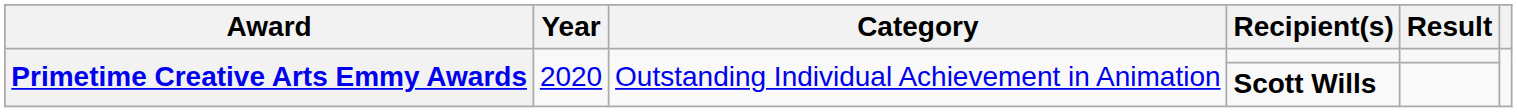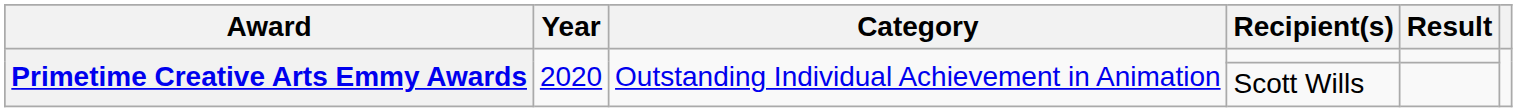 <table class="wikitable sortable plainrowheaders col6center">
 <tr>
 <th scope="col">Award</th>
 <th scope="col">Year</th>
 <th scope="col">Category</th>
 <th scope="col">Recipient(s)</th>
 <th scope="col">Result</th>
 <th scope="col" class="unsortable"></th>
 </tr>
 <tr>
 <th scope="row" rowspan="2"><a href='#'>Primetime Creative Arts Emmy Awards</a></th>
 <td rowspan="2"><a href='#'>2020</a></td>
 <td rowspan="2"><a href='#'>Outstanding Individual Achievement in Animation</a></td>
 <td></td>
 <td></td>
 <td rowspan="2"></td>
 </tr>
 <tr>
-<td><strong>Scott Wills </strong></td>
+<td>Scott Wills </td>
 <td></td>
 </tr>
 </table>
